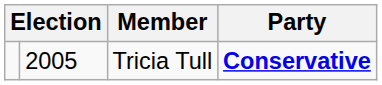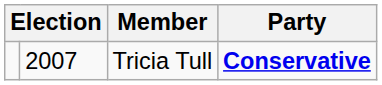 <table class="wikitable">
 <tr>
 <th colspan="2">Election</th>
 <th>Member</th>
 <th>Party</th>
 </tr>
 <tr>
 <td style="background-color: "></td>
-<td>2005</td>
+<td>2007</td>
 <td>Tricia Tull</td>
 <td><strong><a href='#'>Conservative</a></strong></td>
 </tr>
 </table>
